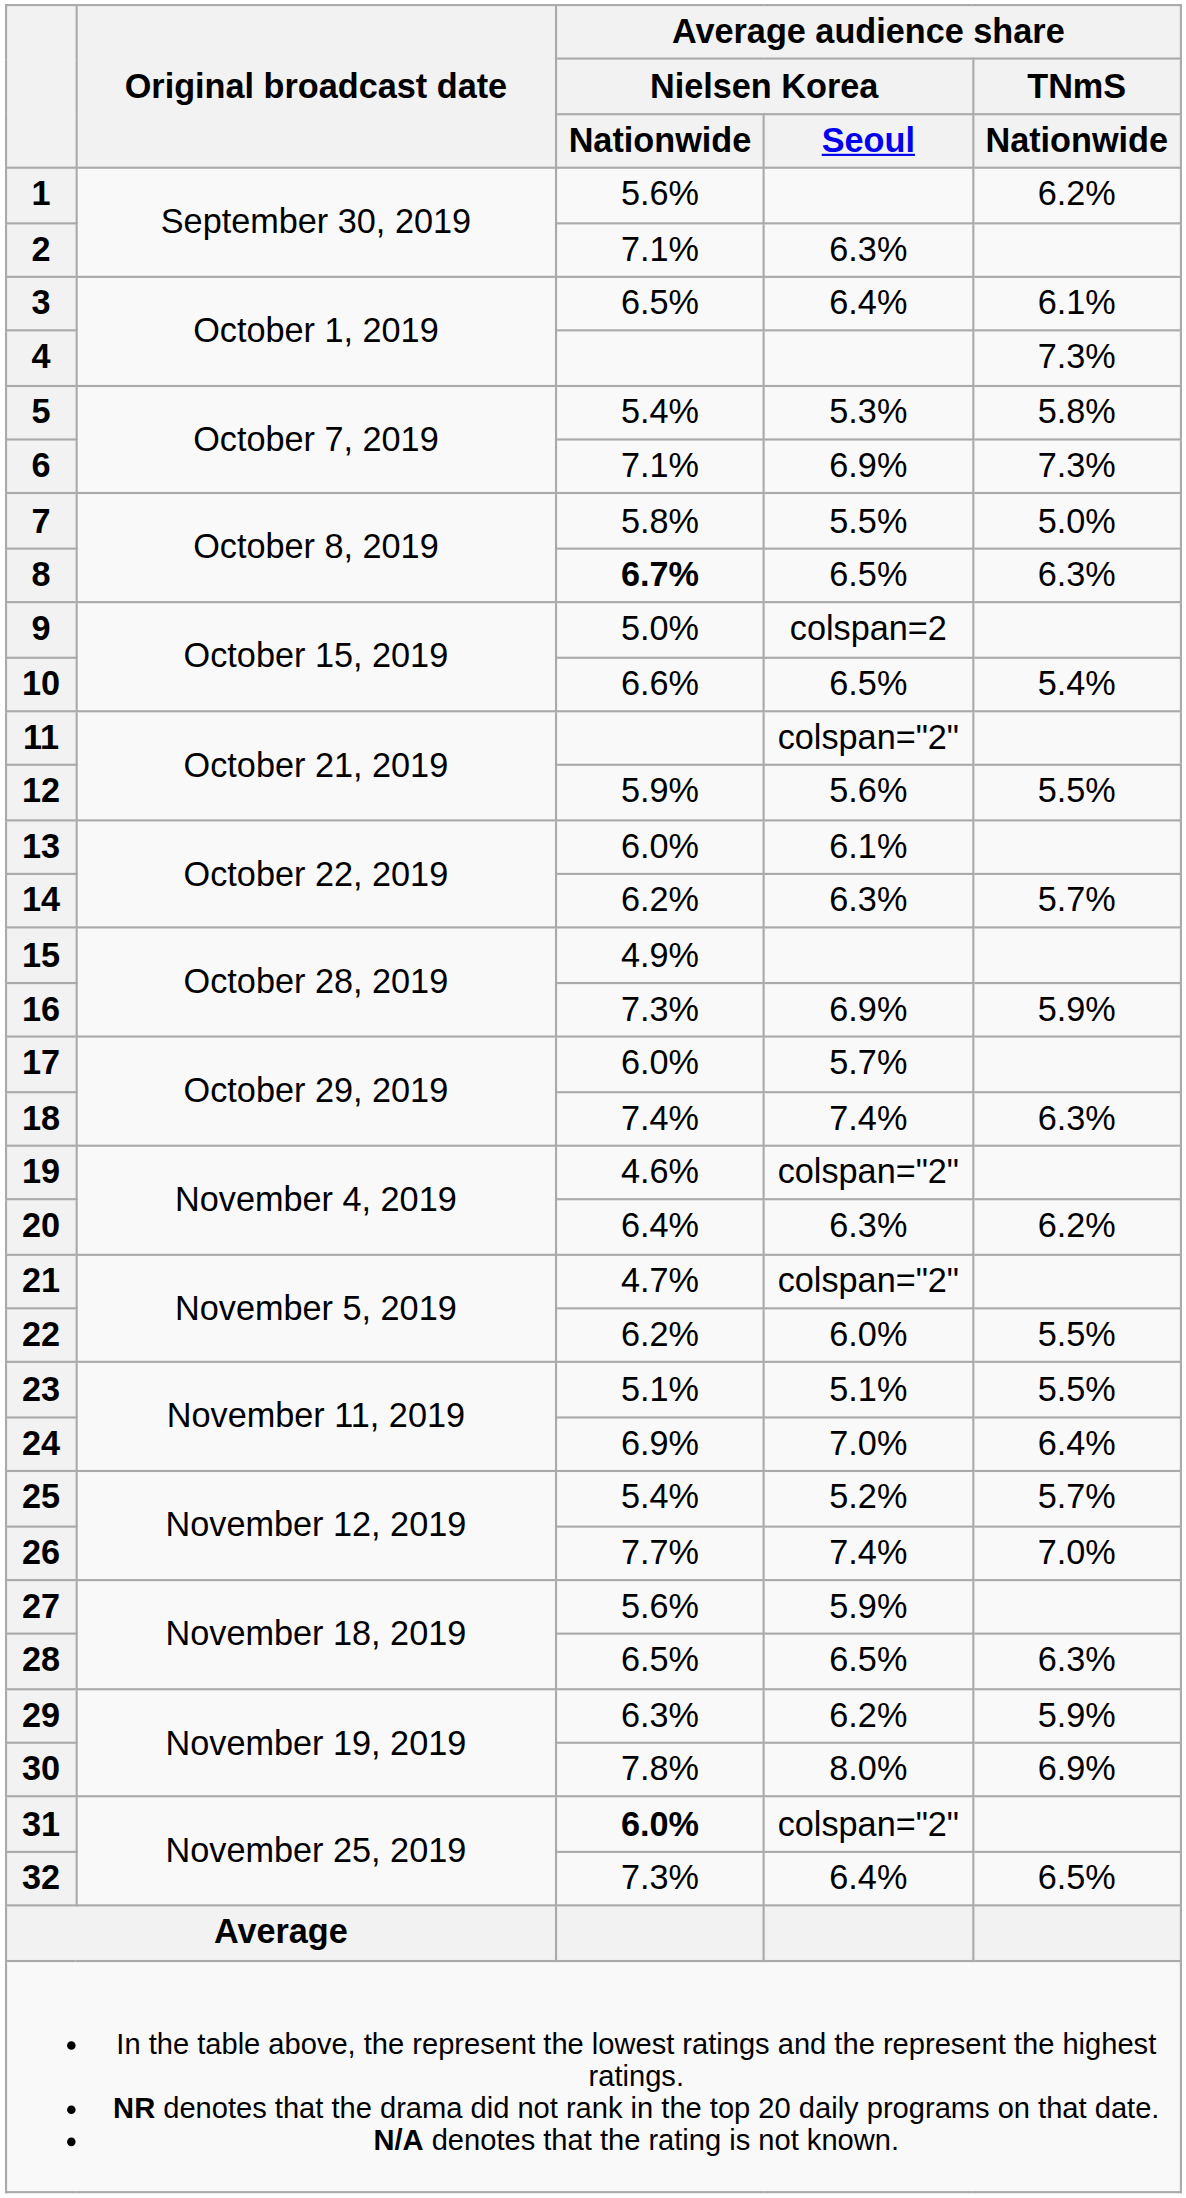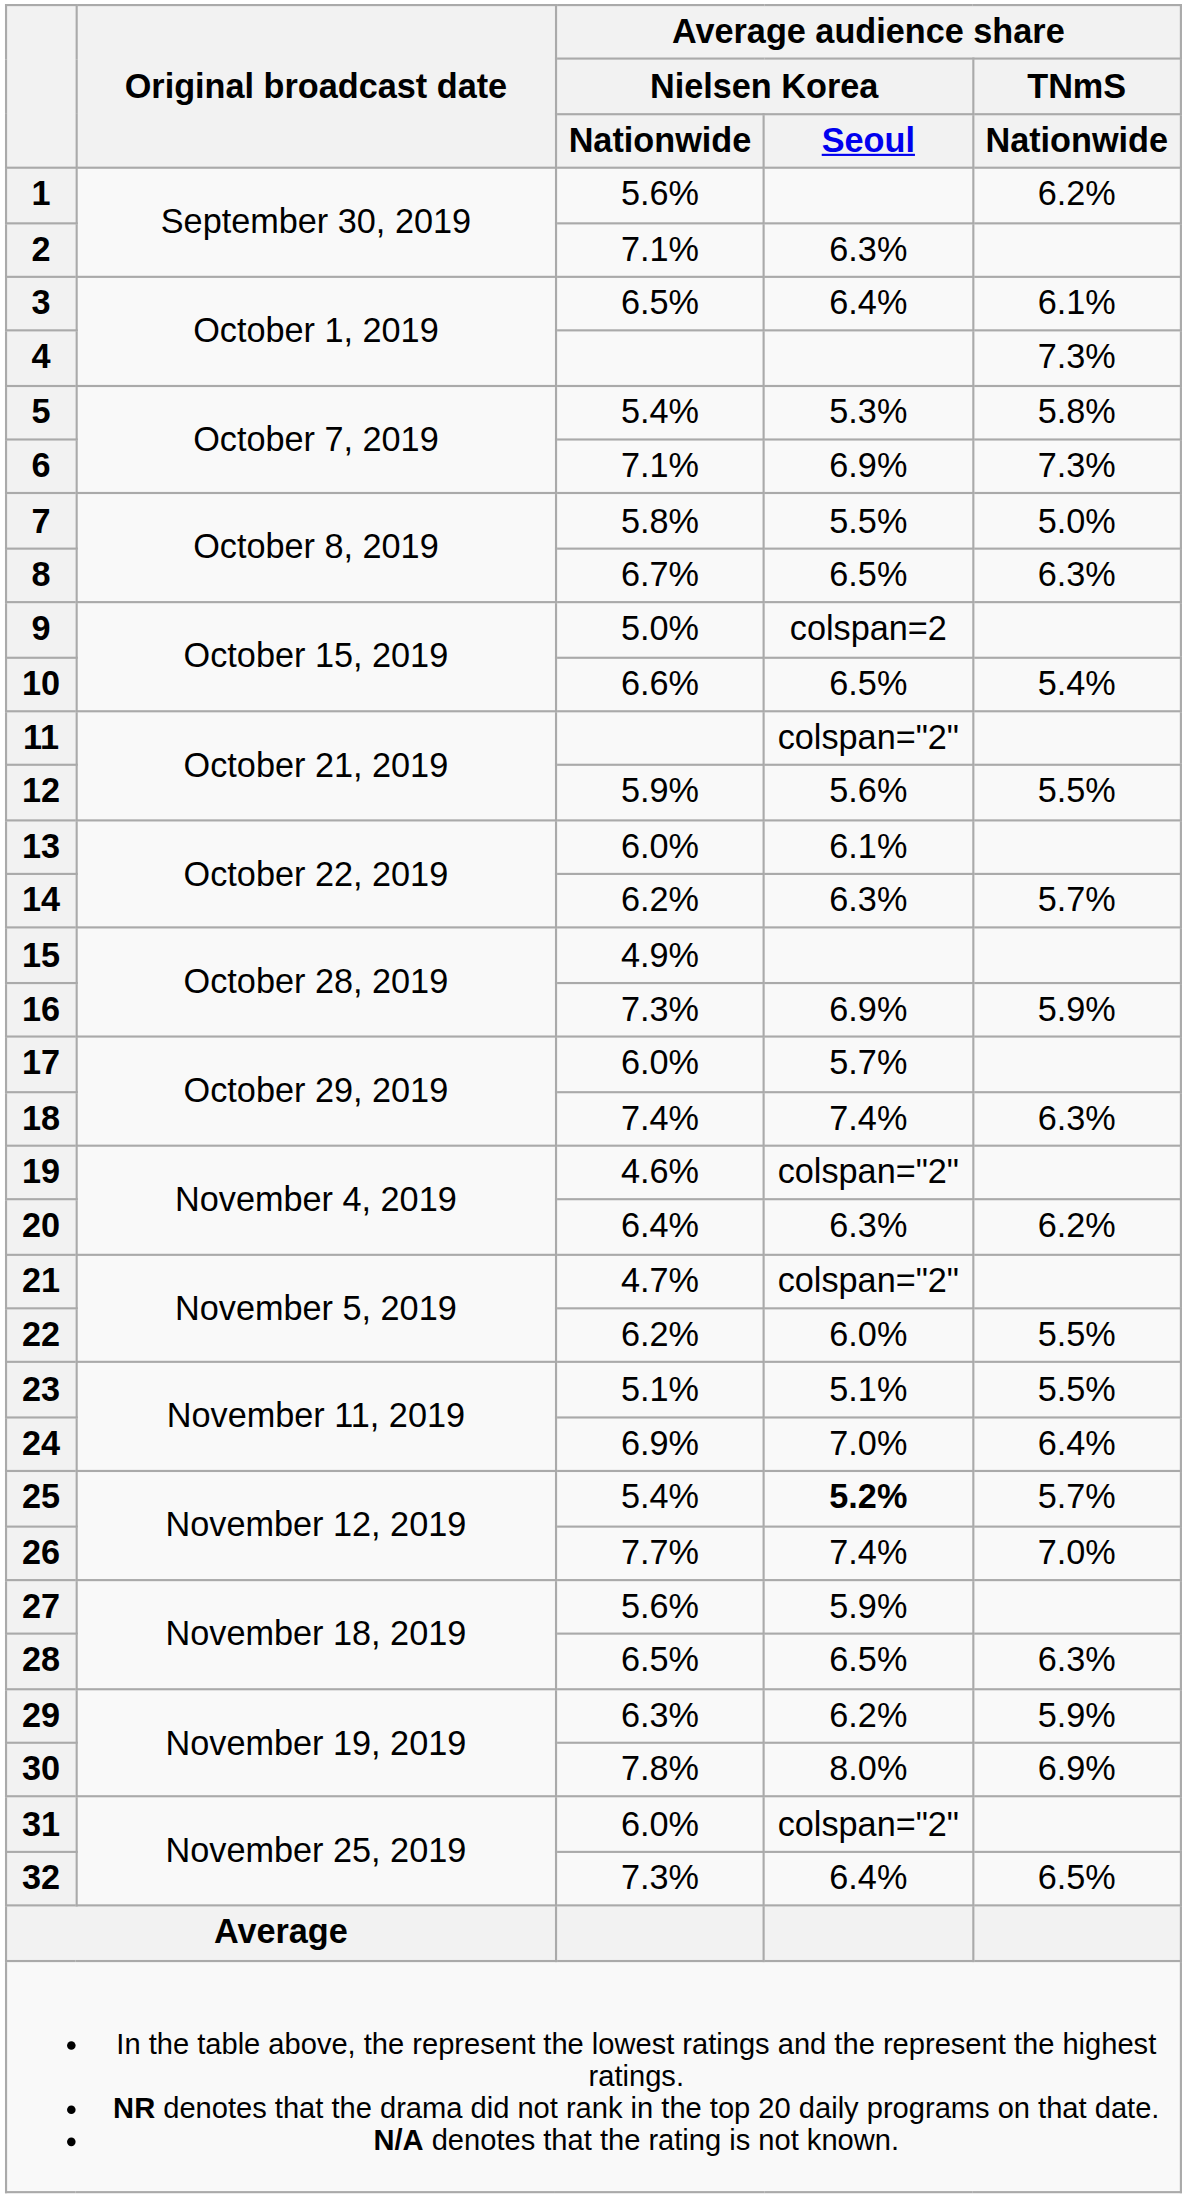 <table class="wikitable" style="margin-left:auto; margin-right:auto; width:550px; text-align:center">
 <tr>
 <th rowspan="3"></th>
 <th rowspan="3">Original broadcast date</th>
 <th colspan="3">Average audience share</th>
 </tr>
 <tr>
 <th colspan="2">Nielsen Korea</th>
 <th>TNmS</th>
 </tr>
 <tr>
 <th width="90">Nationwide</th>
 <th width="90"><a href='#'>Seoul</a></th>
 <th width="90">Nationwide</th>
 </tr>
 <tr>
 <th>1</th>
 <td rowspan="2">September 30, 2019</td>
 <td>5.6% </td>
 <td><strong></strong> </td>
 <td>6.2% </td>
 </tr>
 <tr>
 <th>2</th>
 <td>7.1% </td>
 <td>6.3% </td>
 <td><strong></strong> </td>
 </tr>
 <tr>
 <th>3</th>
 <td rowspan="2">October 1, 2019</td>
 <td>6.5% </td>
 <td>6.4% </td>
 <td>6.1% </td>
 </tr>
 <tr>
 <th>4</th>
 <td><strong></strong> </td>
 <td><strong></strong> </td>
 <td>7.3% </td>
 </tr>
 <tr>
 <th>5</th>
 <td rowspan="2">October 7, 2019</td>
 <td>5.4% </td>
 <td>5.3% </td>
 <td>5.8% </td>
 </tr>
 <tr>
 <th>6</th>
 <td>7.1% </td>
 <td>6.9% </td>
 <td>7.3% </td>
 </tr>
 <tr>
 <th>7</th>
 <td rowspan="2">October 8, 2019</td>
 <td>5.8% </td>
 <td>5.5% </td>
 <td>5.0% </td>
 </tr>
 <tr>
 <th>8</th>
-<td><strong>6.7% </strong></td>
+<td>6.7% </td>
 <td>6.5% </td>
 <td>6.3% </td>
 </tr>
 <tr>
 <th>9</th>
 <td rowspan="2">October 15, 2019</td>
 <td>5.0% </td>
 <td>colspan=2 </td>
 </tr>
 <tr>
 <th>10</th>
 <td>6.6% </td>
 <td>6.5% </td>
 <td>5.4% </td>
 </tr>
 <tr>
 <th>11</th>
 <td rowspan="2">October 21, 2019</td>
 <td><strong></strong> </td>
 <td>colspan="2" </td>
 </tr>
 <tr>
 <th>12</th>
 <td>5.9% </td>
 <td>5.6% </td>
 <td>5.5% </td>
 </tr>
 <tr>
 <th>13</th>
 <td rowspan="2">October 22, 2019</td>
 <td>6.0% </td>
 <td>6.1% </td>
 <td></td>
 </tr>
 <tr>
 <th>14</th>
 <td>6.2% </td>
 <td>6.3% </td>
 <td>5.7% </td>
 </tr>
 <tr>
 <th>15</th>
 <td rowspan="2">October 28, 2019</td>
 <td>4.9% </td>
 <td></td>
 <td><strong></strong> </td>
 </tr>
 <tr>
 <th>16</th>
 <td>7.3% </td>
 <td>6.9% </td>
 <td>5.9% </td>
 </tr>
 <tr>
 <th>17</th>
 <td rowspan="2">October 29, 2019</td>
 <td>6.0% </td>
 <td>5.7% </td>
 <td></td>
 </tr>
 <tr>
 <th>18</th>
 <td>7.4% </td>
 <td>7.4% </td>
 <td>6.3% </td>
 </tr>
 <tr>
 <th>19</th>
 <td rowspan="2">November 4, 2019</td>
 <td>4.6% </td>
 <td>colspan="2" </td>
 </tr>
 <tr>
 <th>20</th>
 <td>6.4% </td>
 <td>6.3% </td>
 <td>6.2% </td>
 </tr>
 <tr>
 <th>21</th>
 <td rowspan="2">November 5, 2019</td>
 <td>4.7% </td>
 <td>colspan="2" </td>
 </tr>
 <tr>
 <th>22</th>
 <td>6.2% </td>
 <td>6.0% </td>
 <td>5.5% </td>
 </tr>
 <tr>
 <th>23</th>
 <td rowspan="2">November 11, 2019</td>
 <td>5.1% </td>
 <td>5.1% </td>
 <td>5.5% </td>
 </tr>
 <tr>
 <th>24</th>
 <td>6.9% </td>
 <td>7.0% </td>
 <td>6.4% </td>
 </tr>
 <tr>
 <th>25</th>
 <td rowspan="2">November 12, 2019</td>
 <td>5.4% </td>
-<td>5.2% </td>
+<td><strong>5.2% </strong></td>
 <td>5.7% </td>
 </tr>
 <tr>
 <th>26</th>
 <td>7.7% </td>
 <td>7.4% </td>
 <td>7.0% </td>
 </tr>
 <tr>
 <th>27</th>
 <td rowspan="2">November 18, 2019</td>
 <td>5.6% </td>
 <td>5.9% </td>
 <td></td>
 </tr>
 <tr>
 <th>28</th>
 <td>6.5% </td>
 <td>6.5% </td>
 <td>6.3% </td>
 </tr>
 <tr>
 <th>29</th>
 <td rowspan="2">November 19, 2019</td>
 <td>6.3% </td>
 <td>6.2% </td>
 <td>5.9% </td>
 </tr>
 <tr>
 <th>30</th>
 <td>7.8% </td>
 <td>8.0% </td>
 <td>6.9% </td>
 </tr>
 <tr>
 <th>31</th>
 <td rowspan="2">November 25, 2019</td>
-<td><strong>6.0% </strong></td>
+<td>6.0% </td>
 <td>colspan="2" </td>
 </tr>
 <tr>
 <th>32</th>
 <td>7.3% </td>
 <td>6.4% </td>
 <td>6.5% </td>
 </tr>
 <tr>
 <th colspan="2">Average</th>
 <th></th>
 <th></th>
 <th></th>
 </tr>
 <tr>
 <td colspan="5" style="font-size:85%"><br><ul><li>In the table above, the <strong></strong> represent the lowest ratings and the <strong></strong> represent the highest ratings.</li><li><strong>NR</strong> denotes that the drama did not rank in the top 20 daily programs on that date.</li><li><strong>N/A</strong> denotes that the rating is not known.</li></ul></td>
 </tr>
 </table>
